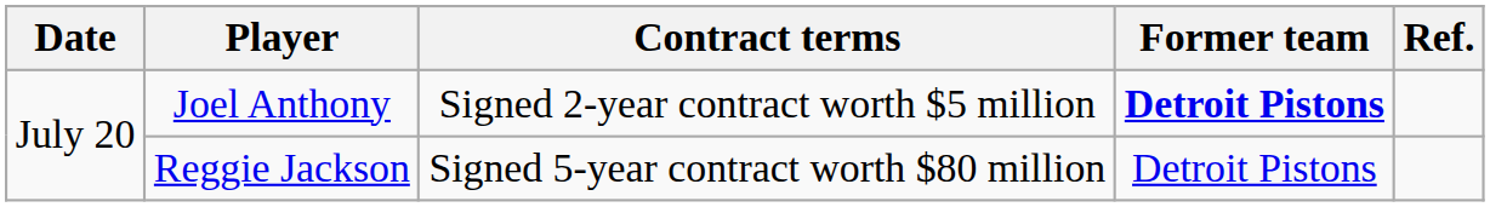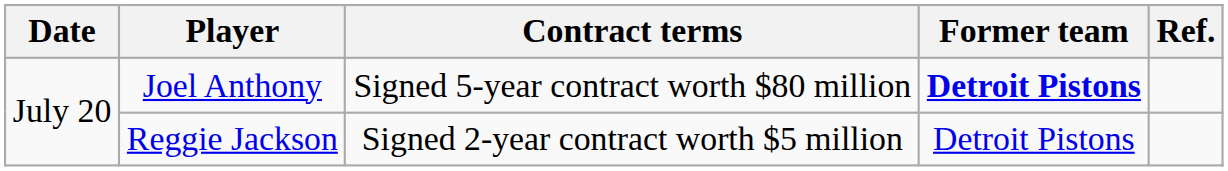 <table class="wikitable sortable sortable">
 <tr>
 <th>Date</th>
 <th>Player</th>
 <th>Contract terms</th>
 <th>Former team</th>
 <th>Ref.</th>
 </tr>
 <tr style="text-align: center">
 <td rowspan="2">July 20</td>
 <td><a href='#'>Joel Anthony</a></td>
-<td>Signed 2-year contract worth $5 million</td>
+<td>Signed 5-year contract worth $80 million</td>
 <td><strong><a href='#'>Detroit Pistons</a></strong></td>
 <td></td>
 </tr>
 <tr style="text-align: center">
 <td><a href='#'>Reggie Jackson</a></td>
-<td>Signed 5-year contract worth $80 million</td>
+<td>Signed 2-year contract worth $5 million</td>
 <td><a href='#'>Detroit Pistons</a></td>
 <td></td>
 </tr>
 </table>
